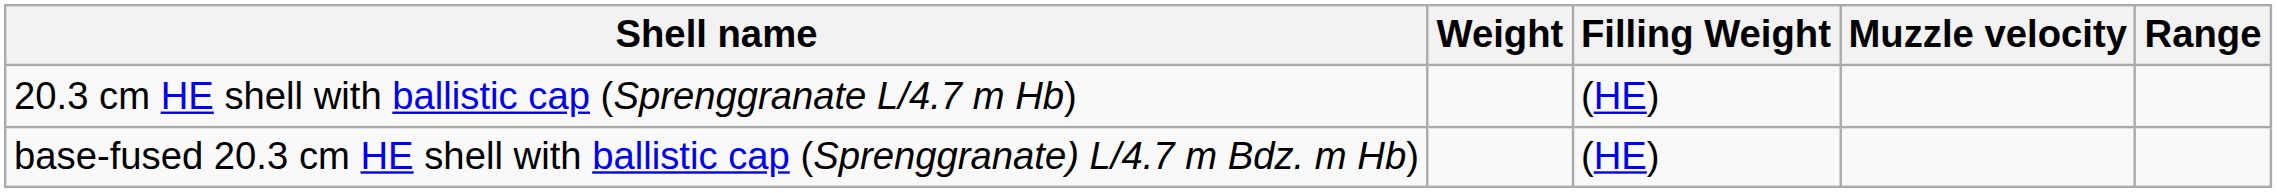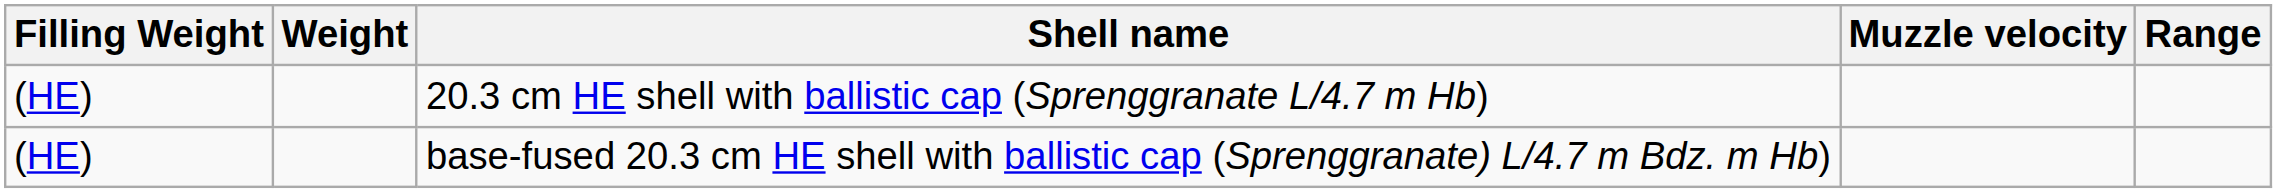 <table class="wikitable" border="1">
 <tr>
+<th>Filling Weight</th>
+<th>Weight</th>
 <th>Shell name</th>
-<th>Weight</th>
-<th>Filling Weight</th>
 <th>Muzzle velocity</th>
 <th>Range</th>
 </tr>
 <tr>
+<td> (<a href='#'>HE</a>)</td>
+<td></td>
 <td>20.3 cm <a href='#'>HE</a> shell with <a href='#'>ballistic cap</a> (<em>Sprenggranate L/4.7 m Hb</em>)</td>
-<td></td>
-<td> (<a href='#'>HE</a>)</td>
 <td></td>
 <td></td>
 </tr>
 <tr>
+<td> (<a href='#'>HE</a>)</td>
+<td></td>
 <td>base-fused 20.3 cm <a href='#'>HE</a> shell  with <a href='#'>ballistic cap</a> (<em>Sprenggranate) L/4.7 m Bdz. m Hb</em>)</td>
-<td></td>
-<td> (<a href='#'>HE</a>)</td>
 <td></td>
 <td></td>
 </tr>
 </table>
